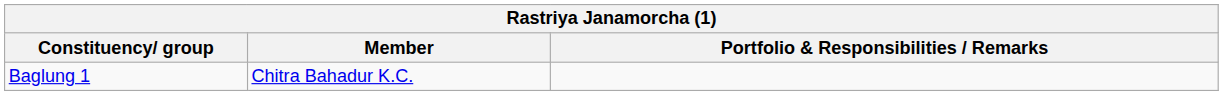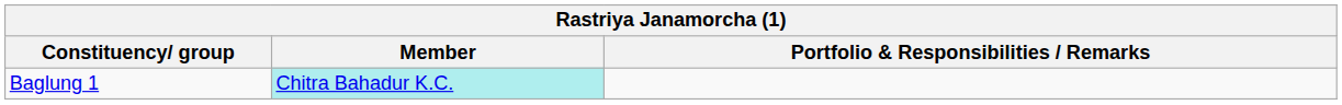 <table class="wikitable">
 <tr>
 <th colspan="3" style="width: 800pt; background:">Rastriya Janamorcha (1)</th>
 </tr>
 <tr>
 <th style="width:20%;">Constituency/ group</th>
 <th style="width:25%;">Member</th>
 <th>Portfolio & Responsibilities / Remarks</th>
 </tr>
 <tr>
 <td><a href='#'>Baglung 1</a></td>
-<td><a href='#'>Chitra Bahadur K.C.</a></td>
+<td style="background: paleturquoise;"><a href='#'>Chitra Bahadur K.C.</a></td>
 <td></td>
 </tr>
 </table>
